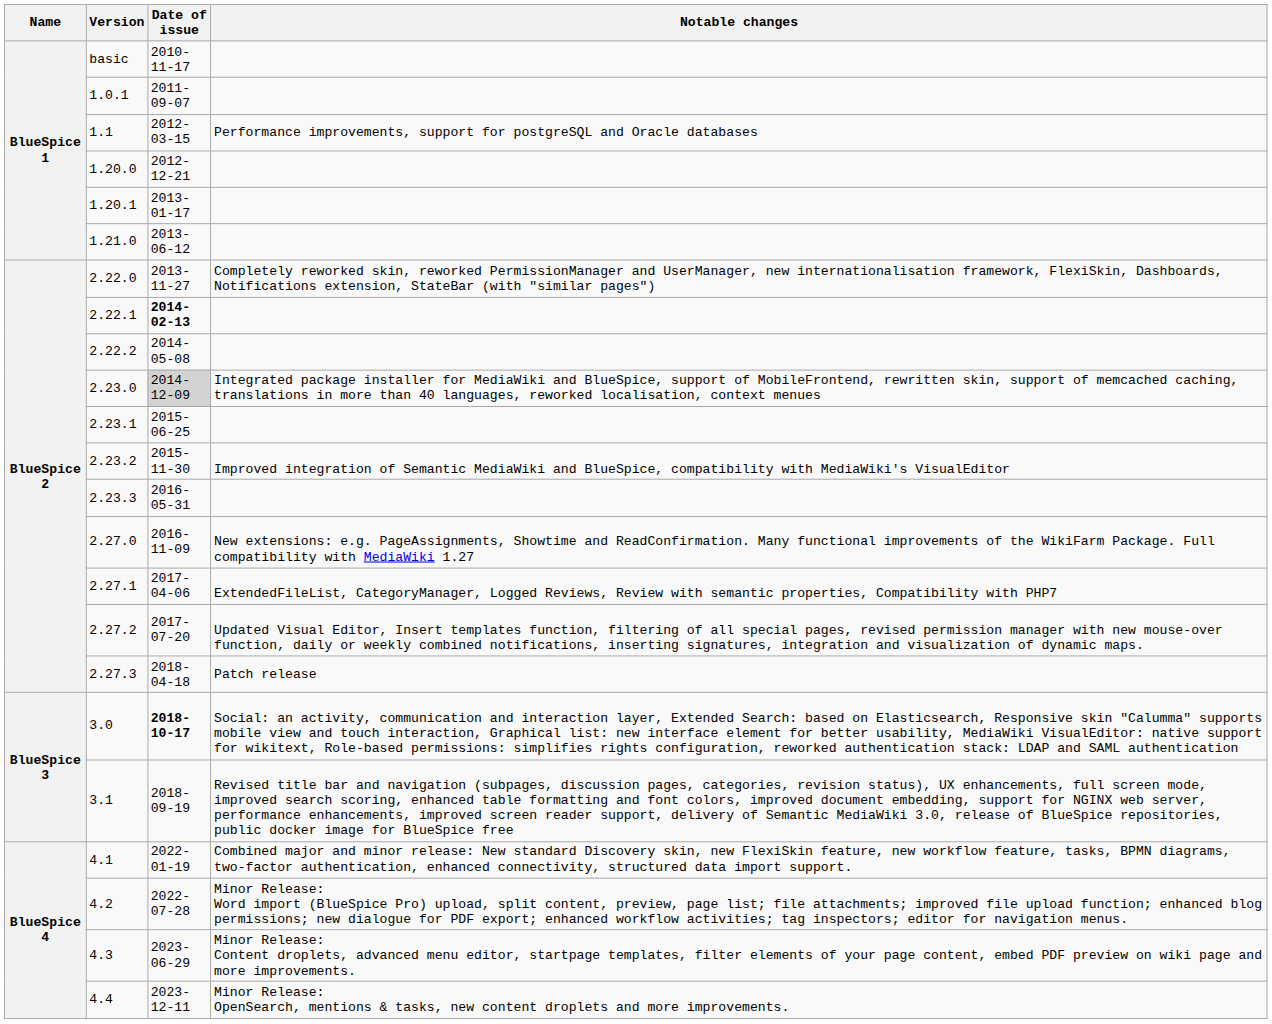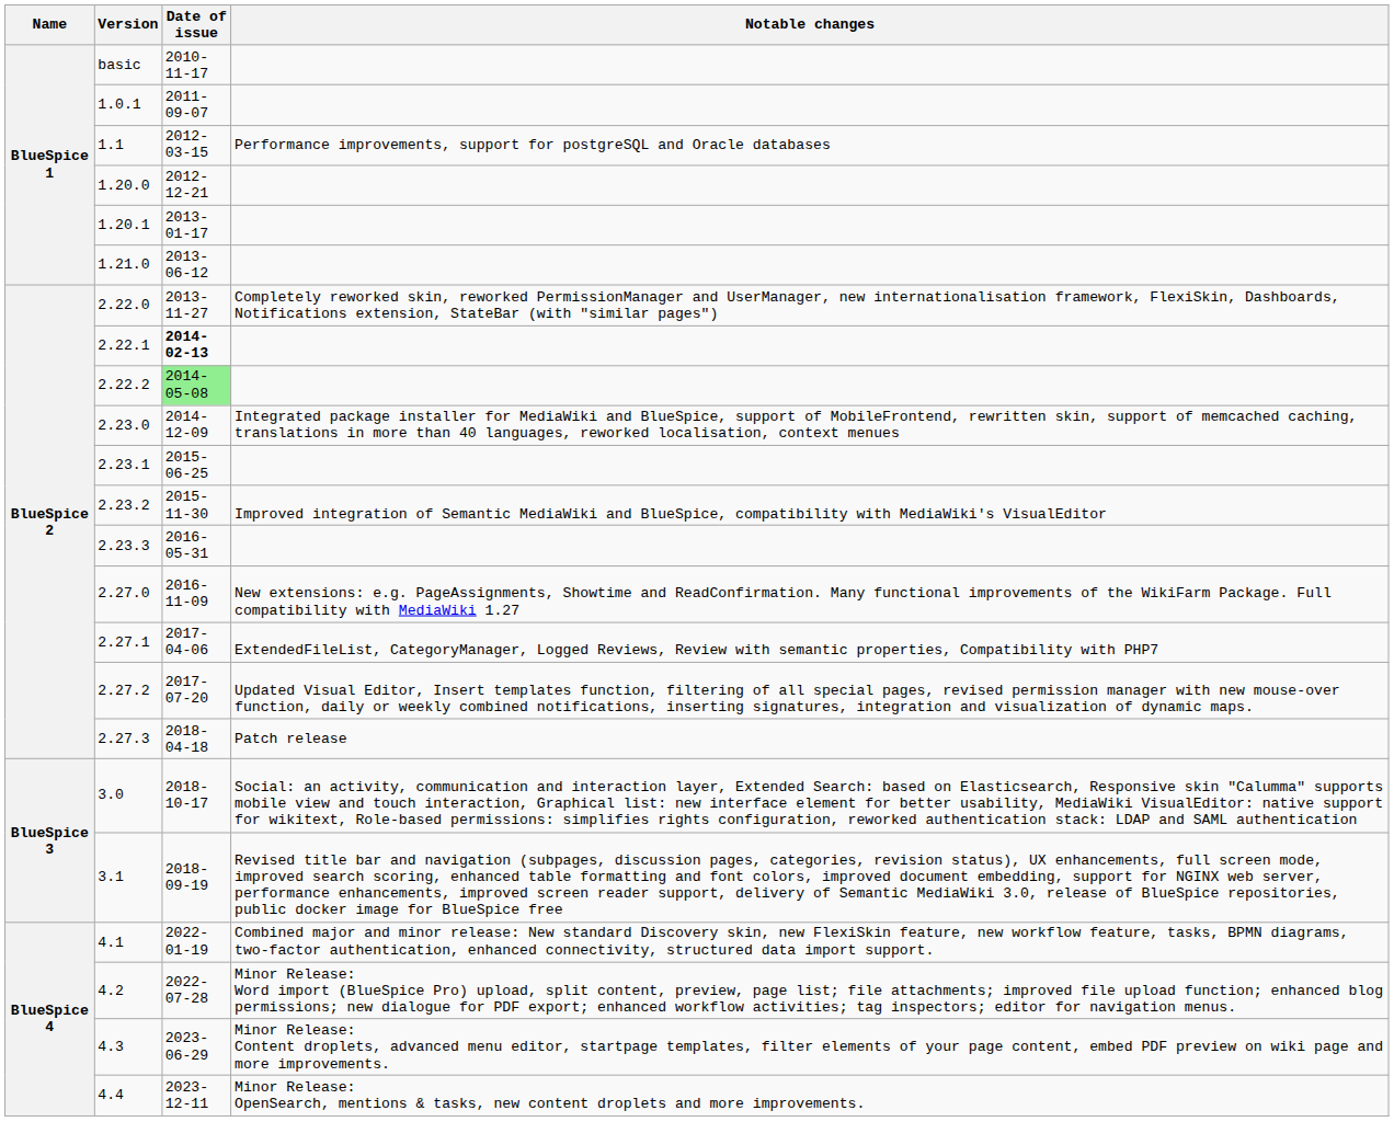 <table class="wikitable">
 <tr>
 <th>Name</th>
 <th>Version</th>
 <th>Date of issue</th>
 <th>Notable changes</th>
 </tr>
 <tr>
 <th rowspan="6">BlueSpice 1</th>
 <td>basic</td>
 <td>2010-11-17</td>
 <td></td>
 </tr>
 <tr>
 <td>1.0.1</td>
 <td>2011-09-07</td>
 <td></td>
 </tr>
 <tr>
 <td>1.1</td>
 <td><span>2012-03-15</span></td>
 <td><span>Performance improvements, support for postgreSQL and Oracle databases</span></td>
 </tr>
 <tr>
 <td>1.20.0</td>
 <td>2012-12-21</td>
 <td></td>
 </tr>
 <tr>
 <td>1.20.1</td>
 <td>2013-01-17</td>
 <td></td>
 </tr>
 <tr>
 <td>1.21.0</td>
 <td>2013-06-12</td>
 <td></td>
 </tr>
 <tr>
 <th rowspan="11">BlueSpice 2</th>
 <td>2.22.0</td>
 <td>2013-11-27</td>
 <td>Completely reworked skin, reworked PermissionManager and UserManager, new internationalisation framework, FlexiSkin, Dashboards, Notifications extension, StateBar (with "similar pages")</td>
 </tr>
 <tr>
 <td>2.22.1</td>
 <td><strong><span>2014-02-13</span></strong></td>
 <td></td>
 </tr>
 <tr>
 <td>2.22.2</td>
-<td>2014-05-08</td>
+<td style="background: lightgreen;">2014-05-08</td>
 <td></td>
 </tr>
 <tr>
 <td>2.23.0</td>
-<td style="background: lightgrey;">2014-12-09</td>
+<td>2014-12-09</td>
 <td>Integrated package installer for MediaWiki and BlueSpice, support of MobileFrontend, rewritten skin, support of memcached caching, translations in more than 40 languages, reworked localisation, context menues</td>
 </tr>
 <tr>
 <td>2.23.1</td>
 <td>2015-06-25</td>
 <td></td>
 </tr>
 <tr>
 <td>2.23.2</td>
 <td>2015-11-30</td>
 <td><br>Improved integration of Semantic MediaWiki and BlueSpice, compatibility with MediaWiki's VisualEditor</td>
 </tr>
 <tr>
 <td>2.23.3</td>
 <td>2016-05-31</td>
 <td></td>
 </tr>
 <tr>
 <td>2.27.0</td>
 <td>2016-11-09</td>
 <td><br>New extensions: e.g. PageAssignments, Showtime and ReadConfirmation. Many functional improvements of the WikiFarm Package. Full compatibility with <a href='#'>MediaWiki</a> 1.27</td>
 </tr>
 <tr>
 <td>2.27.1</td>
 <td>2017-04-06</td>
 <td><br>ExtendedFileList, CategoryManager, Logged Reviews, Review with semantic properties, Compatibility with PHP7</td>
 </tr>
 <tr>
 <td>2.27.2</td>
 <td>2017-07-20</td>
 <td><br>Updated Visual Editor, Insert templates function, filtering of all special pages, revised permission manager with new mouse-over function, daily or weekly combined notifications, inserting signatures, integration and visualization of dynamic maps.</td>
 </tr>
 <tr>
 <td>2.27.3</td>
 <td>2018-04-18</td>
 <td>Patch release</td>
 </tr>
 <tr>
 <th rowspan="2">BlueSpice 3</th>
 <td>3.0</td>
-<td><strong>2018-10-17</strong></td>
+<td>2018-10-17</td>
 <td><br>Social: an activity, communication and interaction layer, Extended Search: based on Elasticsearch, Responsive skin "Calumma" supports mobile view and touch interaction, Graphical list: new interface element for better usability, MediaWiki VisualEditor: native support for wikitext, Role-based permissions: simplifies rights configuration, reworked authentication stack: LDAP and SAML authentication</td>
 </tr>
 <tr>
 <td>3.1</td>
 <td>2018-09-19</td>
 <td><br>Revised title bar and navigation (subpages, discussion pages, categories, revision status), UX enhancements, full screen mode, improved search scoring, enhanced table formatting and font colors, improved document embedding, support for NGINX web server, performance enhancements, improved screen reader support, delivery of Semantic MediaWiki 3.0, release of BlueSpice repositories, public docker image for BlueSpice free</td>
 </tr>
 <tr>
 <th rowspan="4">BlueSpice 4</th>
 <td>4.1</td>
 <td>2022-01-19</td>
 <td>Combined major and minor release: New standard Discovery skin, new FlexiSkin feature, new workflow feature, tasks, BPMN diagrams, two-factor authentication, enhanced connectivity, structured data import support.</td>
 </tr>
 <tr>
 <td>4.2</td>
 <td>2022-07-28</td>
 <td>Minor Release:<br>Word import (BlueSpice Pro) upload, split content, preview, page list; file attachments; improved file upload function; enhanced blog permissions; new dialogue for PDF export; enhanced workflow activities; tag inspectors; editor for navigation menus.</td>
 </tr>
 <tr>
 <td>4.3</td>
 <td>2023-06-29</td>
 <td>Minor Release:<br>Content droplets, advanced menu editor, startpage templates, filter elements of your page content, embed PDF preview on wiki page and more improvements.</td>
 </tr>
 <tr>
 <td>4.4</td>
 <td>2023-12-11</td>
 <td>Minor Release:<br>OpenSearch, mentions & tasks, new content droplets and more improvements.</td>
 </tr>
 </table>
